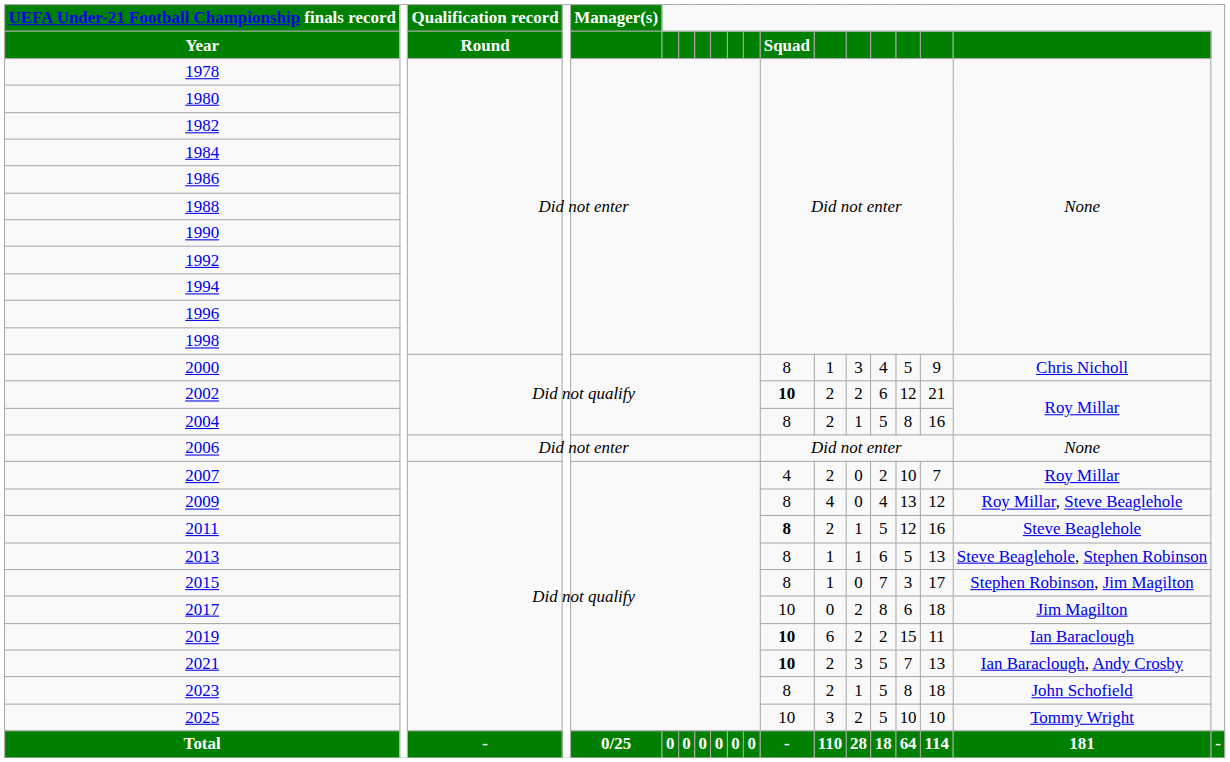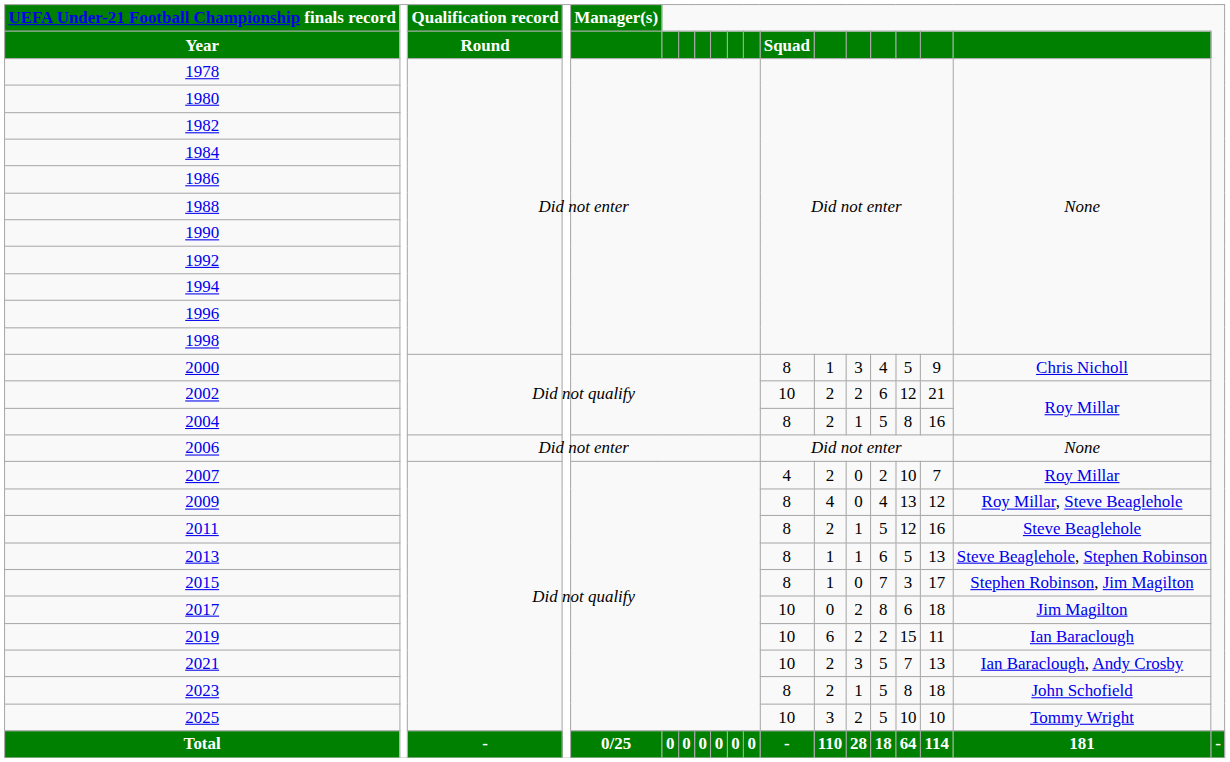 <table class="wikitable" style="text-align: center;">
 <tr>
 <th style="background-color:#008000; color:white; "><a href='#'>UEFA Under-21 Football Championship</a> finals record</th>
 <th style="background-color:white" rowspan="28"></th>
 <th style="background-color:#008000; color:white; ">Qualification record</th>
 <th style="background-color:white" rowspan="28"></th>
 <th style="background-color:#008000; color:white; ">Manager(s)</th>
 </tr>
 <tr>
 <th style="background-color:#008000; color:white; ">Year</th>
 <th style="background-color:#008000; color:white; ">Round</th>
 <th style="background-color:#008000; color:white; "></th>
 <th style="background-color:#008000; color:white; "></th>
 <th style="background-color:#008000; color:white; "></th>
 <th style="background-color:#008000; color:white; "></th>
 <th style="background-color:#008000; color:white; "></th>
 <th style="background-color:#008000; color:white; "></th>
 <th style="background-color:#008000; color:white; "></th>
 <th style="background-color:#008000; color:white; ">Squad</th>
 <th style="background-color:#008000; color:white; "></th>
 <th style="background-color:#008000; color:white; "></th>
 <th style="background-color:#008000; color:white; "></th>
 <th style="background-color:#008000; color:white; "></th>
 <th style="background-color:#008000; color:white; "></th>
 <th style="background-color:#008000; color:white; "></th>
 </tr>
 <tr>
 <td scope="row"><a href='#'>1978</a></td>
 <td rowspan="11" colspan=9><em>Did not enter</em></td>
 <td rowspan="11" colspan=6><em>Did not enter</em></td>
 <td rowspan="11"><em>None</em></td>
 </tr>
 <tr>
 <td scope="row"><a href='#'>1980</a></td>
 </tr>
 <tr>
 <td scope="row"><a href='#'>1982</a></td>
 </tr>
 <tr>
 <td scope="row"><a href='#'>1984</a></td>
 </tr>
 <tr>
 <td scope="row"><a href='#'>1986</a></td>
 </tr>
 <tr>
 <td scope="row"><a href='#'>1988</a></td>
 </tr>
 <tr>
 <td scope="row"><a href='#'>1990</a></td>
 </tr>
 <tr>
 <td scope="row"><a href='#'>1992</a></td>
 </tr>
 <tr>
 <td scope="row"> <a href='#'>1994</a></td>
 </tr>
 <tr>
 <td scope="row"> <a href='#'>1996</a></td>
 </tr>
 <tr>
 <td scope="row"> <a href='#'>1998</a></td>
 </tr>
 <tr>
 <td scope="row"> <a href='#'>2000</a></td>
 <td rowspan="3" colspan=9><em>Did not qualify</em></td>
 <td>8</td>
 <td>1</td>
 <td>3</td>
 <td>4</td>
 <td>5</td>
 <td>9</td>
 <td><a href='#'>Chris Nicholl</a></td>
 </tr>
 <tr>
 <td scope="row"> <a href='#'>2002</a></td>
-<td><strong>10</strong></td>
+<td>10</td>
 <td>2</td>
 <td>2</td>
 <td>6</td>
 <td>12</td>
 <td>21</td>
 <td rowspan="2"><a href='#'>Roy Millar</a></td>
 </tr>
 <tr>
 <td scope="row"> <a href='#'>2004</a></td>
 <td>8</td>
 <td>2</td>
 <td>1</td>
 <td>5</td>
 <td>8</td>
 <td>16</td>
 </tr>
 <tr>
 <td scope="row"> <a href='#'>2006</a></td>
 <td rowspan="1" colspan=9><em>Did not enter</em></td>
 <td rowspan="1" colspan=6><em>Did not enter</em></td>
 <td rowspan="1"><em>None</em></td>
 </tr>
 <tr>
 <td scope="row"> <a href='#'>2007</a></td>
 <td rowspan="10" colspan=9><em>Did not qualify</em></td>
 <td>4</td>
 <td>2</td>
 <td>0</td>
 <td>2</td>
 <td>10</td>
 <td>7</td>
 <td><a href='#'>Roy Millar</a></td>
 </tr>
 <tr>
 <td scope="row"> <a href='#'>2009</a></td>
 <td>8</td>
 <td>4</td>
 <td>0</td>
 <td>4</td>
 <td>13</td>
 <td>12</td>
 <td><a href='#'>Roy Millar</a>, <a href='#'>Steve Beaglehole</a></td>
 </tr>
 <tr>
 <td scope="row"> <a href='#'>2011</a></td>
-<td><strong>8</strong></td>
+<td>8</td>
 <td>2</td>
 <td>1</td>
 <td>5</td>
 <td>12</td>
 <td>16</td>
 <td><a href='#'>Steve Beaglehole</a></td>
 </tr>
 <tr>
 <td scope="row"> <a href='#'>2013</a></td>
 <td>8</td>
 <td>1</td>
 <td>1</td>
 <td>6</td>
 <td>5</td>
 <td>13</td>
 <td><a href='#'>Steve Beaglehole</a>, <a href='#'>Stephen Robinson</a></td>
 </tr>
 <tr>
 <td scope="row"> <a href='#'>2015</a></td>
 <td>8</td>
 <td>1</td>
 <td>0</td>
 <td>7</td>
 <td>3</td>
 <td>17</td>
 <td><a href='#'>Stephen Robinson</a>, <a href='#'>Jim Magilton</a></td>
 </tr>
 <tr>
 <td scope="row"> <a href='#'>2017</a></td>
 <td>10</td>
 <td>0</td>
 <td>2</td>
 <td>8</td>
 <td>6</td>
 <td>18</td>
 <td><a href='#'>Jim Magilton</a></td>
 </tr>
 <tr>
 <td scope="row"> <a href='#'>2019</a></td>
-<td><strong>10</strong></td>
+<td>10</td>
 <td>6</td>
 <td>2</td>
 <td>2</td>
 <td>15</td>
 <td>11</td>
 <td><a href='#'>Ian Baraclough</a></td>
 </tr>
 <tr>
 <td scope="row"> <a href='#'>2021</a></td>
-<td><strong>10</strong></td>
+<td>10</td>
 <td>2</td>
 <td>3</td>
 <td>5</td>
 <td>7</td>
 <td>13</td>
 <td><a href='#'>Ian Baraclough</a>, <a href='#'>Andy Crosby</a></td>
 </tr>
 <tr>
 <td scope="row"> <a href='#'>2023</a></td>
 <td>8</td>
 <td>2</td>
 <td>1</td>
 <td>5</td>
 <td>8</td>
 <td>18</td>
 <td><a href='#'>John Schofield</a></td>
 </tr>
 <tr>
 <td scope="row"> <a href='#'>2025</a></td>
 <td>10</td>
 <td>3</td>
 <td>2</td>
 <td>5</td>
 <td>10</td>
 <td>10</td>
 <td><a href='#'>Tommy Wright</a></td>
 </tr>
 <tr>
 <th style="background-color:#008000; color:white; "><strong>Total</strong></th>
 <th style="background-color:#008000; color:white; "><strong>-</strong></th>
 <th style="background-color:#008000; color:white; "><strong>0/25</strong></th>
 <th style="background-color:#008000; color:white; "><strong>0</strong></th>
 <th style="background-color:#008000; color:white; "><strong>0</strong></th>
 <th style="background-color:#008000; color:white; "><strong>0</strong></th>
 <th style="background-color:#008000; color:white; "><strong>0</strong></th>
 <th style="background-color:#008000; color:white; "><strong>0</strong></th>
 <th style="background-color:#008000; color:white; "><strong>0</strong></th>
 <th style="background-color:#008000; color:white; "><strong>-</strong></th>
 <th style="background-color:#008000; color:white; "><strong>110</strong></th>
 <th style="background-color:#008000; color:white; "><strong>28</strong></th>
 <th style="background-color:#008000; color:white; "><strong>18</strong></th>
 <th style="background-color:#008000; color:white; "><strong>64</strong></th>
 <th style="background-color:#008000; color:white; "><strong>114</strong></th>
 <th style="background-color:#008000; color:white; "><strong>181</strong></th>
 <th style="background-color:#008000; color:white; "><strong>-</strong></th>
 </tr>
 </table>
